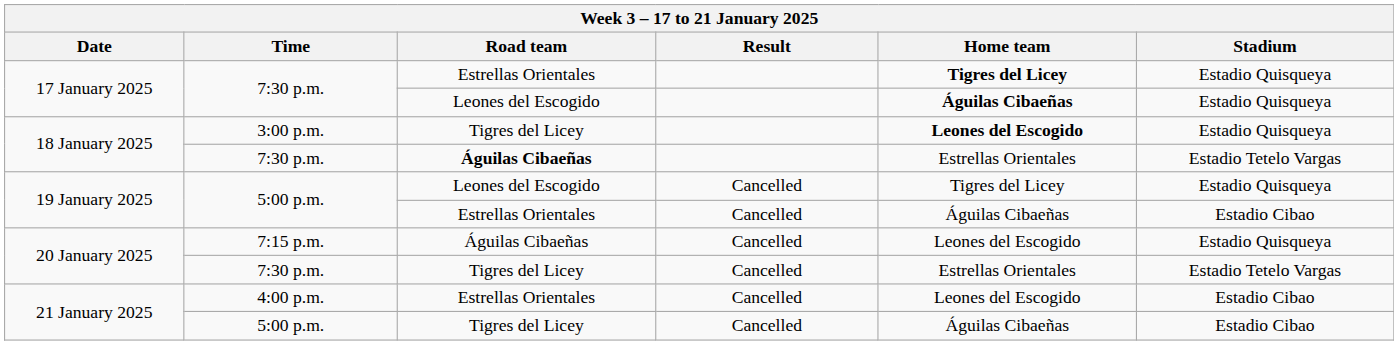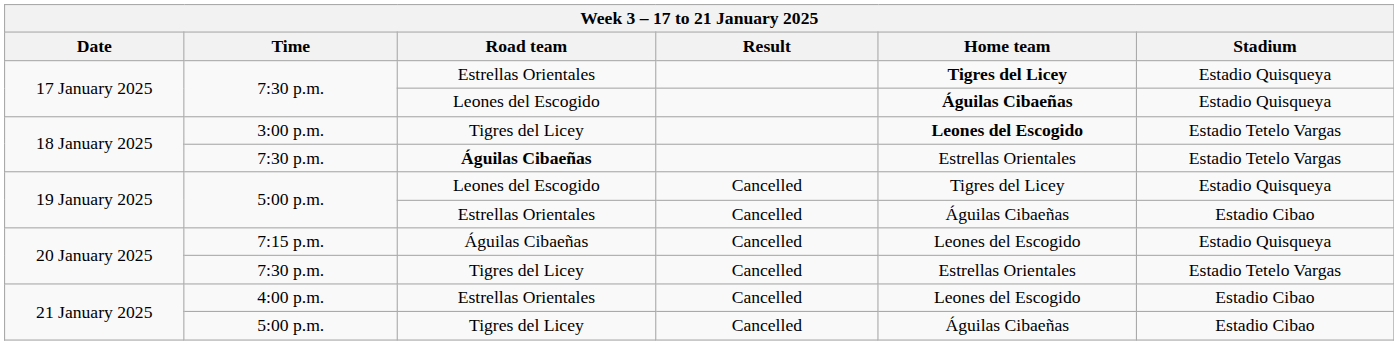 <table class="wikitable collapsible collapsed" style="font-size: 100%; text-align: center; width: 100%;">
 <tr>
 <th colspan="6" style="with: 100%;" align=center>Week 3 – 17 to 21 January 2025</th>
 </tr>
 <tr>
 <th width="50">Date</th>
 <th width="50">Time</th>
 <th width="75">Road team</th>
 <th width="50">Result</th>
 <th width="75">Home team</th>
 <th width="75">Stadium</th>
 </tr>
 <tr>
 <td rowspan="2">17 January 2025</td>
 <td rowspan="2">7:30 p.m.</td>
 <td>Estrellas Orientales</td>
 <td></td>
 <td><strong>Tigres del Licey</strong></td>
 <td>Estadio Quisqueya</td>
 </tr>
 <tr>
 <td>Leones del Escogido</td>
 <td></td>
 <td><strong>Águilas Cibaeñas</strong></td>
 <td>Estadio Quisqueya</td>
 </tr>
 <tr>
 <td rowspan="2">18 January 2025</td>
 <td>3:00 p.m.</td>
 <td>Tigres del Licey</td>
 <td></td>
 <td><strong>Leones del Escogido</strong></td>
-<td>Estadio Quisqueya</td>
+<td>Estadio Tetelo Vargas</td>
 </tr>
 <tr>
 <td>7:30 p.m.</td>
 <td><strong>Águilas Cibaeñas</strong></td>
 <td></td>
 <td>Estrellas Orientales</td>
 <td>Estadio Tetelo Vargas</td>
 </tr>
 <tr>
 <td rowspan="2">19 January 2025</td>
 <td rowspan="2">5:00 p.m.</td>
 <td>Leones del Escogido</td>
 <td>Cancelled</td>
 <td>Tigres del Licey</td>
 <td>Estadio Quisqueya</td>
 </tr>
 <tr>
 <td>Estrellas Orientales</td>
 <td>Cancelled</td>
 <td>Águilas Cibaeñas</td>
 <td>Estadio Cibao</td>
 </tr>
 <tr>
 <td rowspan="2">20 January 2025</td>
 <td>7:15 p.m.</td>
 <td>Águilas Cibaeñas</td>
 <td>Cancelled</td>
 <td>Leones del Escogido</td>
 <td>Estadio Quisqueya</td>
 </tr>
 <tr>
 <td>7:30 p.m.</td>
 <td>Tigres del Licey</td>
 <td>Cancelled</td>
 <td>Estrellas Orientales</td>
 <td>Estadio Tetelo Vargas</td>
 </tr>
 <tr>
 <td rowspan="2">21 January 2025</td>
 <td>4:00 p.m.</td>
 <td>Estrellas Orientales</td>
 <td>Cancelled</td>
 <td>Leones del Escogido</td>
 <td>Estadio Cibao</td>
 </tr>
 <tr>
 <td>5:00 p.m.</td>
 <td>Tigres del Licey</td>
 <td>Cancelled</td>
 <td>Águilas Cibaeñas</td>
 <td>Estadio Cibao</td>
 </tr>
 </table>
